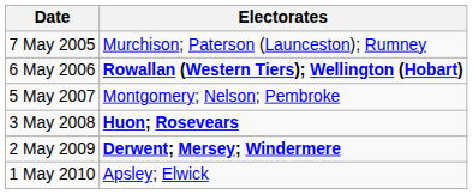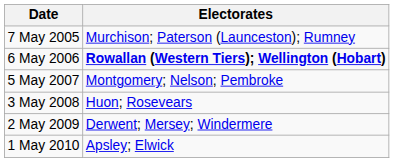 <table class=wikitable>
 <tr>
 <th>Date</th>
 <th>Electorates</th>
 </tr>
 <tr>
 <td>7 May 2005</td>
 <td><a href='#'>Murchison</a>; <a href='#'>Paterson</a> (<a href='#'>Launceston</a>); <a href='#'>Rumney</a></td>
 </tr>
 <tr>
 <td>6 May 2006</td>
 <td><strong><a href='#'>Rowallan</a> (<a href='#'>Western Tiers</a>); <a href='#'>Wellington</a> (<a href='#'>Hobart</a>)</strong></td>
 </tr>
 <tr>
 <td>5 May 2007</td>
 <td><a href='#'>Montgomery</a>; <a href='#'>Nelson</a>; <a href='#'>Pembroke</a></td>
 </tr>
 <tr>
 <td>3 May 2008</td>
-<td><strong><a href='#'>Huon</a>; <a href='#'>Rosevears</a></strong></td>
+<td><a href='#'>Huon</a>; <a href='#'>Rosevears</a></td>
 </tr>
 <tr>
 <td>2 May 2009</td>
-<td><strong><a href='#'>Derwent</a>; <a href='#'>Mersey</a>; <a href='#'>Windermere</a></strong></td>
+<td><a href='#'>Derwent</a>; <a href='#'>Mersey</a>; <a href='#'>Windermere</a></td>
 </tr>
 <tr>
 <td>1 May 2010</td>
 <td><a href='#'>Apsley</a>; <a href='#'>Elwick</a></td>
 </tr>
 </table>
